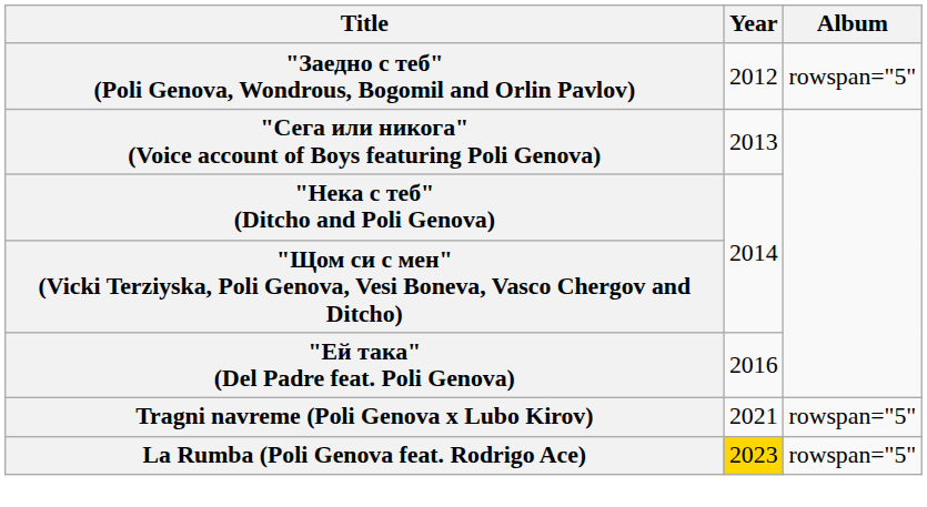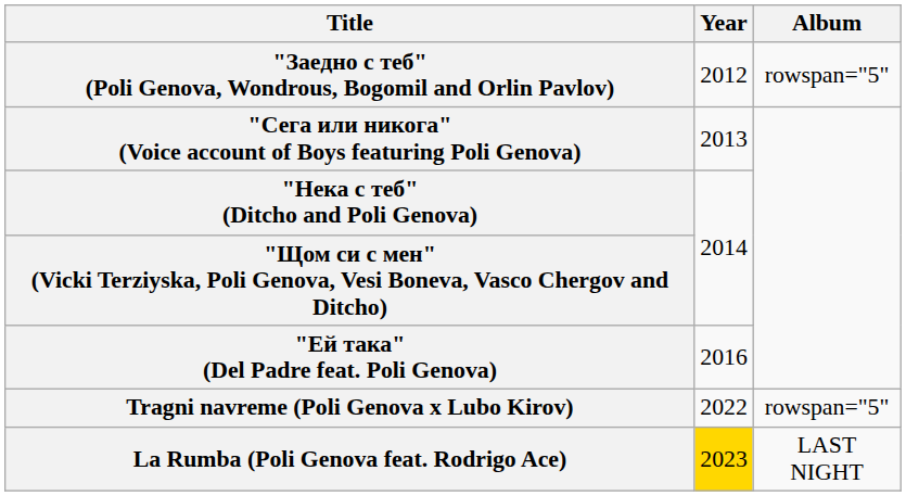 <table class="wikitable plainrowheaders" style="text-align:center;">
 <tr>
 <th scope="col">Title</th>
 <th scope="col">Year</th>
 <th scope="col">Album</th>
 </tr>
 <tr>
 <th scope="row">"Заедно с теб"<br><span>(Poli Genova, Wondrous, Bogomil and Orlin Pavlov)</span></th>
 <td>2012</td>
 <td>rowspan="5" </td>
 </tr>
 <tr>
 <th scope="row">"Сега или никога"<br><span>(Voice account of Boys featuring Poli Genova)</span></th>
 <td>2013</td>
 </tr>
 <tr>
 <th scope="row">"Нека с теб"<br><span>(Ditcho and Poli Genova)</span></th>
 <td rowspan="2">2014</td>
 </tr>
 <tr>
 <th scope="row">"Щом си с мен"<br><span>(Vicki Terziyska, Poli Genova, Vesi Boneva, Vasco Chergov and Ditcho)</span></th>
 </tr>
 <tr>
 <th scope="row">"Ей така"<br><span>(Del Padre feat. Poli Genova)</span></th>
 <td>2016</td>
 </tr>
 <tr>
 <th>Tragni navreme (Poli Genova x Lubo Kirov)</th>
-<td>2021</td>
+<td>2022</td>
 <td>rowspan="5" </td>
 </tr>
 <tr>
 <th>La Rumba (Poli Genova feat. Rodrigo Ace)</th>
 <td style="background: gold;">2023</td>
-<td>rowspan="5" </td>
+<td>LAST NIGHT</td>
 </tr>
 </table>
